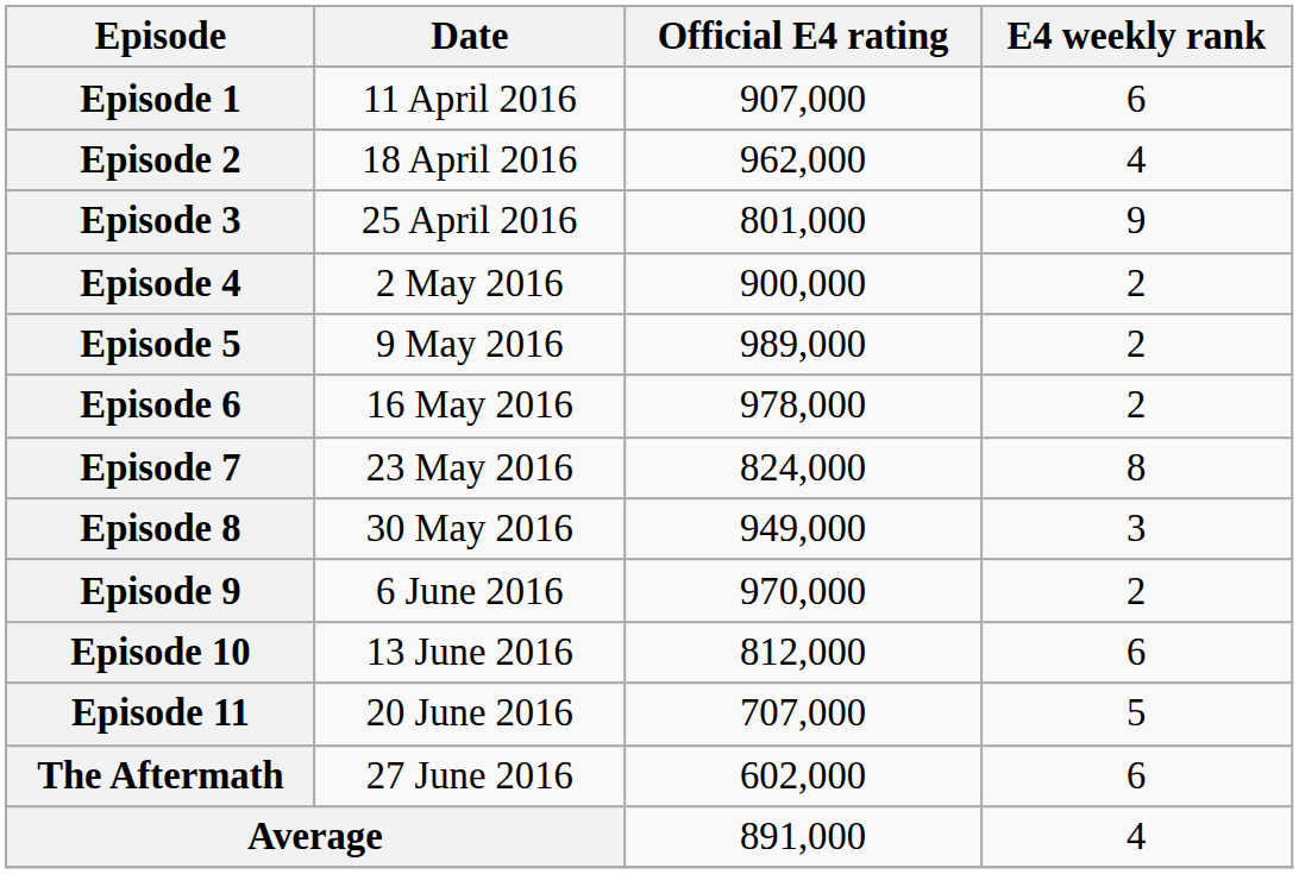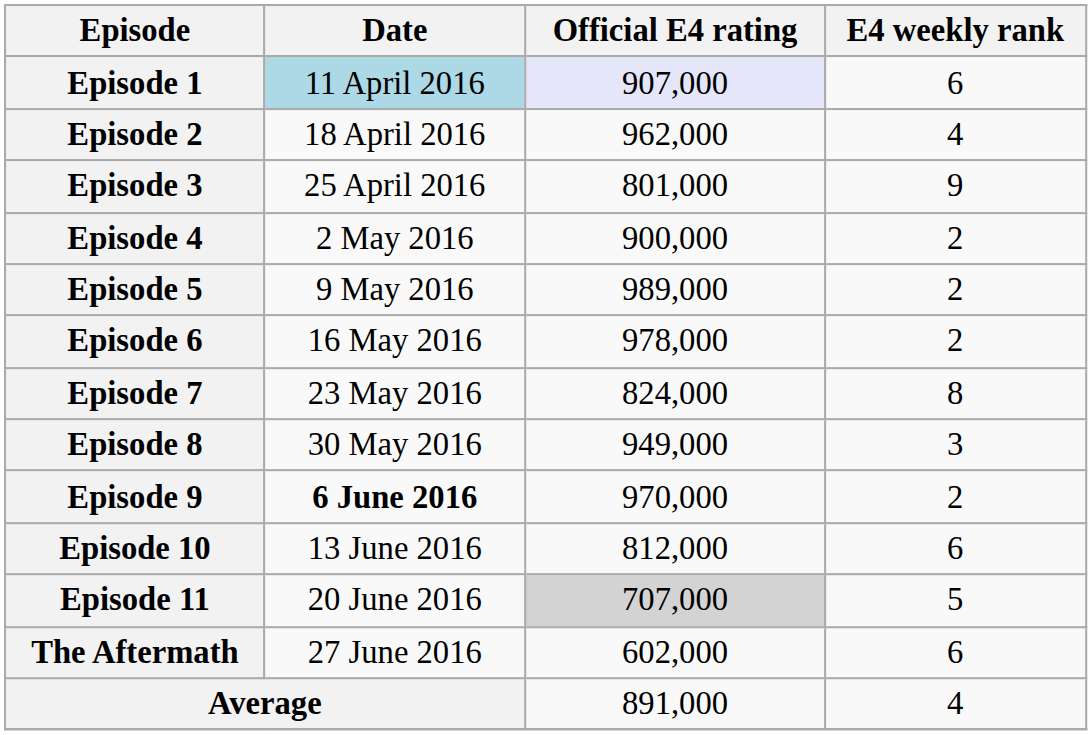 <table class="wikitable sortable" style="text-align:center">
 <tr>
 <th scope="col" style="width:120px;">Episode</th>
 <th scope="col" style="width:120px;">Date</th>
 <th scope="col" style="width:140px;">Official E4 rating</th>
 <th scope="col" style="width:120px;">E4 weekly rank</th>
 </tr>
 <tr>
 <th scope="row">Episode 1</th>
-<td>11 April 2016</td>
-<td>907,000</td>
+<td style="background: lightblue;">11 April 2016</td>
+<td style="background: lavender;">907,000</td>
 <td>6</td>
 </tr>
 <tr>
 <th scope="row">Episode 2</th>
 <td>18 April 2016</td>
 <td>962,000</td>
 <td>4</td>
 </tr>
 <tr>
 <th scope="row">Episode 3</th>
 <td>25 April 2016</td>
 <td>801,000</td>
 <td>9</td>
 </tr>
 <tr>
 <th scope="row">Episode 4</th>
 <td>2 May 2016</td>
 <td>900,000</td>
 <td>2</td>
 </tr>
 <tr>
 <th scope="row">Episode 5</th>
 <td>9 May 2016</td>
 <td>989,000</td>
 <td>2</td>
 </tr>
 <tr>
 <th scope="row">Episode 6</th>
 <td>16 May 2016</td>
 <td>978,000</td>
 <td>2</td>
 </tr>
 <tr>
 <th scope="row">Episode 7</th>
 <td>23 May 2016</td>
 <td>824,000</td>
 <td>8</td>
 </tr>
 <tr>
 <th scope="row">Episode 8</th>
 <td>30 May 2016</td>
 <td>949,000</td>
 <td>3</td>
 </tr>
 <tr>
 <th scope="row">Episode 9</th>
-<td>6 June 2016</td>
+<td><strong>6 June 2016</strong></td>
 <td>970,000</td>
 <td>2</td>
 </tr>
 <tr>
 <th scope="row">Episode 10</th>
 <td>13 June 2016</td>
 <td>812,000</td>
 <td>6</td>
 </tr>
 <tr>
 <th scope="row">Episode 11</th>
 <td>20 June 2016</td>
-<td>707,000</td>
+<td style="background: lightgrey;">707,000</td>
 <td>5</td>
 </tr>
 <tr>
 <th scope="row">The Aftermath</th>
 <td>27 June 2016</td>
 <td>602,000</td>
 <td>6</td>
 </tr>
 <tr>
 <th scope="row" colspan="2">Average</th>
 <td>891,000</td>
 <td>4</td>
 </tr>
 <tr>
 </tr>
 </table>
